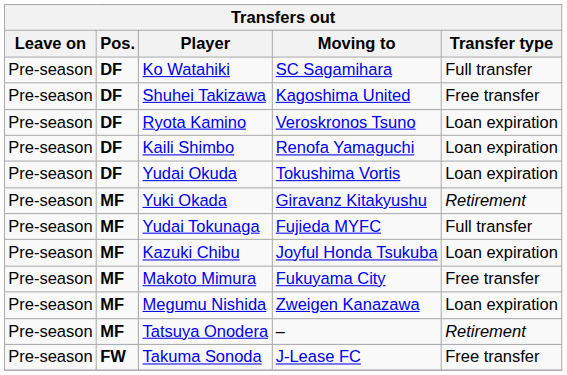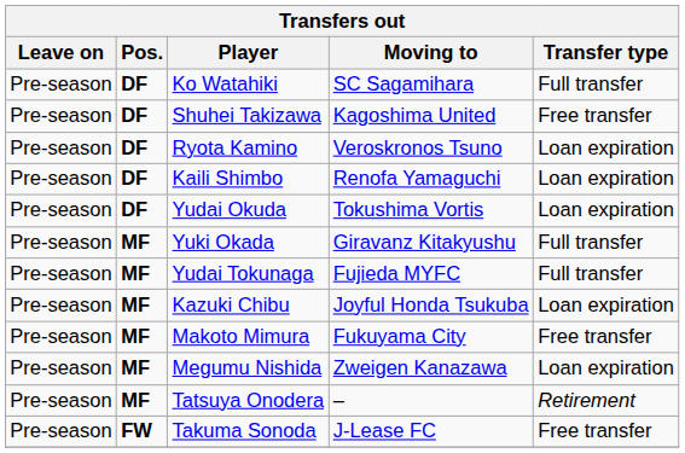 <table class="wikitable sortable" style=“text-align:left;>
 <tr>
 <th colspan="5">Transfers out</th>
 </tr>
 <tr>
 <th>Leave on</th>
 <th>Pos.</th>
 <th>Player</th>
 <th>Moving to</th>
 <th>Transfer type</th>
 </tr>
 <tr>
 <td>Pre-season</td>
 <td><strong>DF</strong></td>
 <td> <a href='#'>Ko Watahiki</a></td>
 <td> <a href='#'>SC Sagamihara</a></td>
 <td>Full transfer</td>
 </tr>
 <tr>
 <td>Pre-season</td>
 <td><strong>DF</strong></td>
 <td> <a href='#'>Shuhei Takizawa</a></td>
 <td> <a href='#'>Kagoshima United</a></td>
 <td>Free transfer</td>
 </tr>
 <tr>
 <td>Pre-season</td>
 <td><strong>DF</strong></td>
 <td> <a href='#'>Ryota Kamino</a></td>
 <td> <a href='#'>Veroskronos Tsuno</a></td>
 <td>Loan expiration</td>
 </tr>
 <tr>
 <td>Pre-season</td>
 <td><strong>DF</strong></td>
 <td> <a href='#'>Kaili Shimbo</a></td>
 <td> <a href='#'>Renofa Yamaguchi</a></td>
 <td>Loan expiration</td>
 </tr>
 <tr>
 <td>Pre-season</td>
 <td><strong>DF</strong></td>
 <td> <a href='#'>Yudai Okuda</a></td>
 <td> <a href='#'>Tokushima Vortis</a></td>
 <td>Loan expiration</td>
 </tr>
 <tr>
 <td>Pre-season</td>
 <td><strong>MF</strong></td>
 <td> <a href='#'>Yuki Okada</a></td>
 <td> <a href='#'>Giravanz Kitakyushu</a></td>
-<td><em>Retirement</em></td>
+<td>Full transfer</td>
 </tr>
 <tr>
 <td>Pre-season</td>
 <td><strong>MF</strong></td>
 <td> <a href='#'>Yudai Tokunaga</a></td>
 <td> <a href='#'>Fujieda MYFC</a></td>
 <td>Full transfer</td>
 </tr>
 <tr>
 <td>Pre-season</td>
 <td><strong>MF</strong></td>
 <td> <a href='#'>Kazuki Chibu</a></td>
 <td> <a href='#'>Joyful Honda Tsukuba</a></td>
 <td>Loan expiration</td>
 </tr>
 <tr>
 <td>Pre-season</td>
 <td><strong>MF</strong></td>
 <td> <a href='#'>Makoto Mimura</a></td>
 <td> <a href='#'>Fukuyama City</a></td>
 <td>Free transfer</td>
 </tr>
 <tr>
 <td>Pre-season</td>
 <td><strong>MF</strong></td>
 <td> <a href='#'>Megumu Nishida</a></td>
 <td> <a href='#'>Zweigen Kanazawa</a></td>
 <td>Loan expiration</td>
 </tr>
 <tr>
 <td>Pre-season</td>
 <td><strong>MF</strong></td>
 <td> <a href='#'>Tatsuya Onodera</a></td>
 <td>–</td>
 <td><em>Retirement</em></td>
 </tr>
 <tr>
 <td>Pre-season</td>
 <td><strong>FW</strong></td>
 <td> <a href='#'>Takuma Sonoda</a></td>
 <td> <a href='#'>J-Lease FC</a></td>
 <td>Free transfer</td>
 </tr>
 <tr>
 </tr>
 </table>
